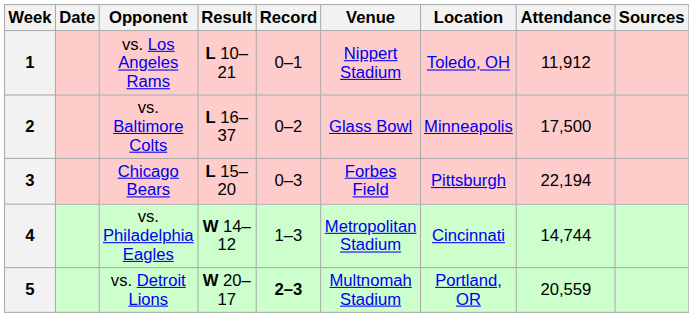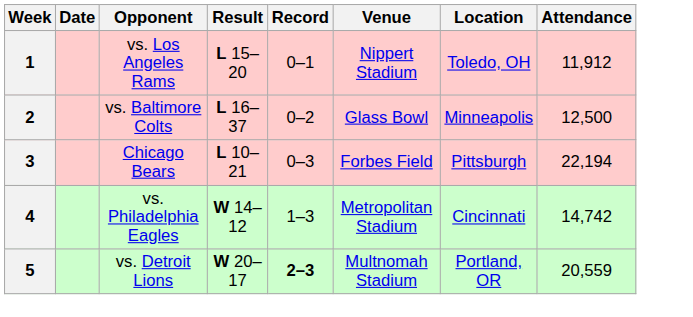 <table class="wikitable" style="text-align:center">
 <tr>
 <th>Week</th>
 <th>Date</th>
 <th>Opponent</th>
 <th>Result</th>
 <th>Record</th>
 <th>Venue</th>
 <th>Location</th>
 <th>Attendance</th>
-<th>Sources</th>
 </tr>
 <tr style="background:#fcc">
 <th>1</th>
 <td></td>
 <td>vs. <a href='#'>Los Angeles Rams</a></td>
-<td><strong>L</strong> 10–21</td>
+<td><strong>L</strong> 15–20</td>
 <td>0–1</td>
 <td><a href='#'>Nippert Stadium</a></td>
 <td><a href='#'>Toledo, OH</a></td>
 <td>11,912</td>
-<td></td>
 </tr>
 <tr style="background:#fcc">
 <th>2</th>
 <td></td>
 <td>vs. <a href='#'>Baltimore Colts</a></td>
 <td><strong>L</strong> 16–37</td>
 <td>0–2</td>
 <td><a href='#'>Glass Bowl</a></td>
 <td><a href='#'>Minneapolis</a></td>
-<td>17,500</td>
-<td></td>
+<td>12,500</td>
 </tr>
 <tr style="background:#fcc">
 <th>3</th>
 <td></td>
 <td><a href='#'>Chicago Bears</a></td>
-<td><strong>L</strong> 15–20</td>
+<td><strong>L</strong> 10–21</td>
 <td>0–3</td>
 <td><a href='#'>Forbes Field</a></td>
 <td><a href='#'>Pittsburgh</a></td>
 <td>22,194</td>
-<td></td>
 </tr>
 <tr style="background:#cfc">
 <th>4</th>
 <td></td>
 <td>vs. <a href='#'>Philadelphia Eagles</a></td>
 <td><strong>W</strong> 14–12</td>
 <td>1–3</td>
 <td><a href='#'>Metropolitan Stadium</a></td>
 <td><a href='#'>Cincinnati</a></td>
-<td>14,744</td>
-<td></td>
+<td>14,742</td>
 </tr>
 <tr style="background:#cfc">
 <th>5</th>
 <td></td>
 <td>vs. <a href='#'>Detroit Lions</a></td>
 <td><strong>W</strong> 20–17</td>
 <td><strong>2–3</strong></td>
 <td><a href='#'>Multnomah Stadium</a></td>
 <td><a href='#'>Portland, OR</a></td>
 <td>20,559</td>
-<td></td>
 </tr>
 </table>
